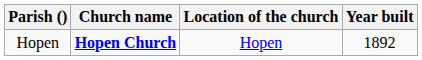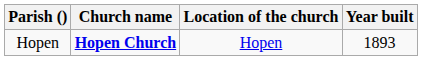 <table class="wikitable" style="text-align:center">
 <tr>
 <th>Parish ()</th>
 <th>Church name</th>
 <th>Location of the church</th>
 <th>Year built</th>
 </tr>
 <tr>
 <td rowspan="1">Hopen</td>
 <td><strong><a href='#'>Hopen Church</a></strong></td>
 <td><a href='#'>Hopen</a></td>
-<td>1892</td>
+<td>1893</td>
 </tr>
 </table>
